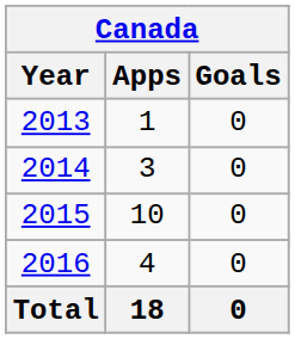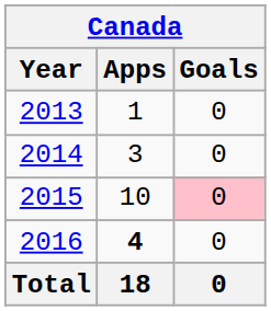 <table class="wikitable" style="text-align:center">
 <tr>
 <th colspan=3><a href='#'>Canada</a></th>
 </tr>
 <tr>
 <th>Year</th>
 <th>Apps</th>
 <th>Goals</th>
 </tr>
 <tr>
 <td><a href='#'>2013</a></td>
 <td>1</td>
 <td>0</td>
 </tr>
 <tr>
 <td><a href='#'>2014</a></td>
 <td>3</td>
 <td>0</td>
 </tr>
 <tr>
 <td><a href='#'>2015</a></td>
 <td>10</td>
-<td>0</td>
+<td style="background: pink;">0</td>
 </tr>
 <tr>
 <td><a href='#'>2016</a></td>
-<td>4</td>
+<td><strong>4</strong></td>
 <td>0</td>
 </tr>
 <tr>
 <th>Total</th>
 <th>18</th>
 <th>0</th>
 </tr>
 </table>
